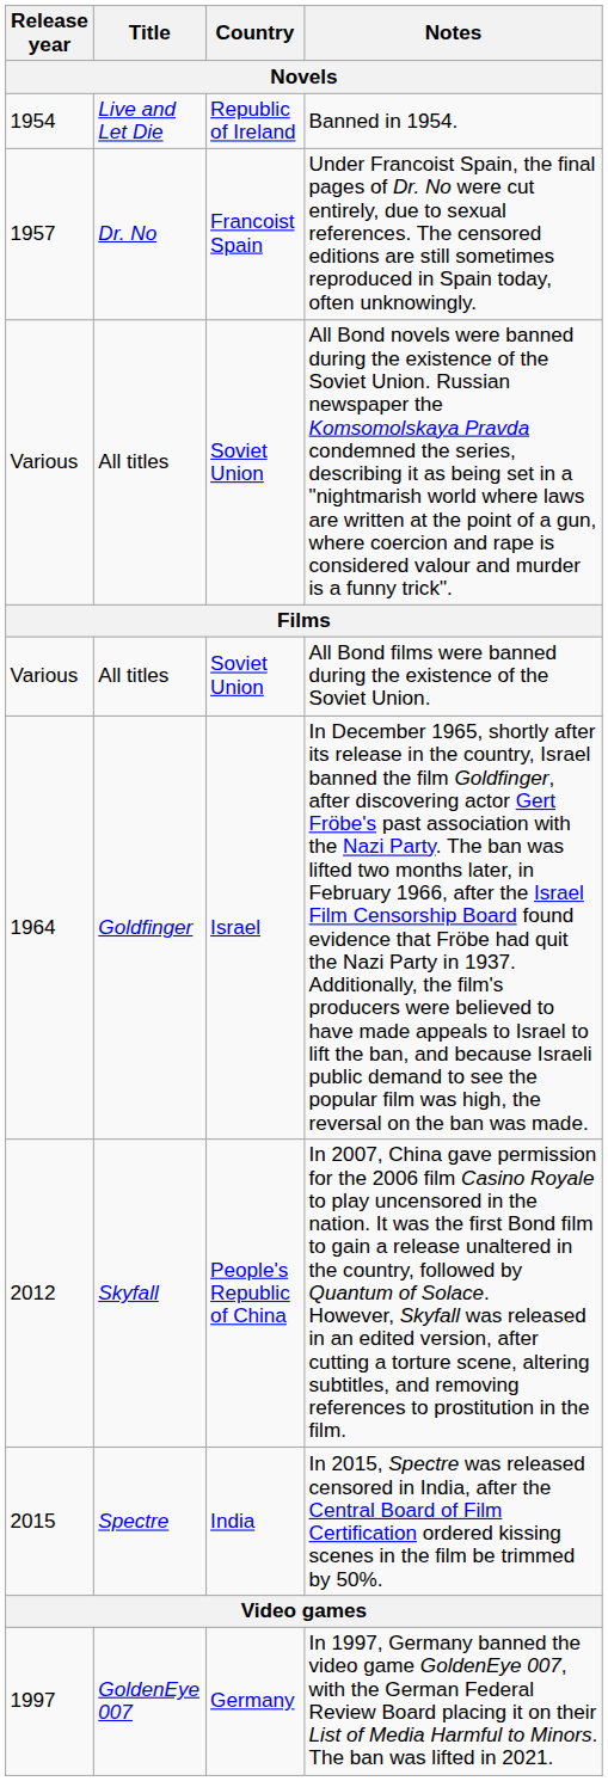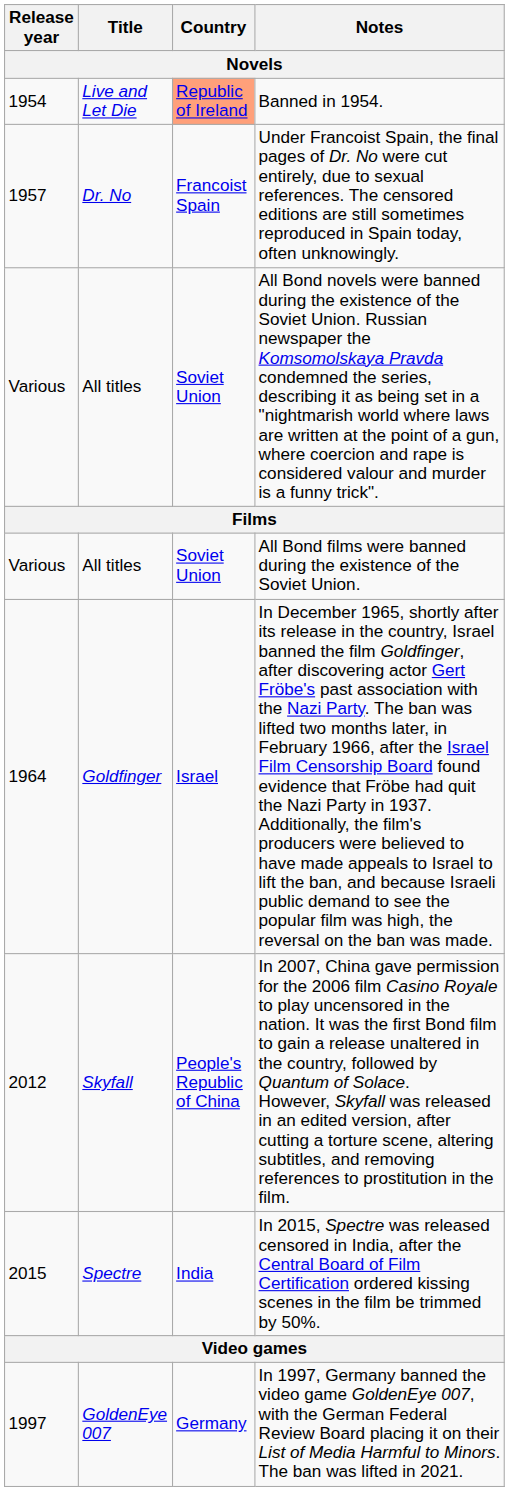 <table width=75% class="wikitable sortable"">
 <tr>
 <th>Release year</th>
 <th>Title</th>
 <th>Country</th>
 <th>Notes</th>
 </tr>
 <tr>
 <th colspan="4">Novels</th>
 </tr>
 <tr>
 <td>1954</td>
 <td><em><a href='#'>Live and Let Die</a></em></td>
-<td><a href='#'>Republic of Ireland</a></td>
+<td style="background: lightsalmon;"><a href='#'>Republic of Ireland</a></td>
 <td>Banned in 1954.</td>
 </tr>
 <tr>
 <td>1957</td>
 <td><em><a href='#'>Dr. No</a></em></td>
 <td><a href='#'>Francoist Spain</a></td>
 <td>Under Francoist Spain, the final pages of <em>Dr. No</em> were cut entirely, due to sexual references. The censored editions are still sometimes reproduced in Spain today, often unknowingly.</td>
 </tr>
 <tr>
 <td>Various</td>
 <td>All titles</td>
 <td><a href='#'>Soviet Union</a></td>
 <td>All Bond novels were banned during the existence of the Soviet Union. Russian newspaper the <em><a href='#'>Komsomolskaya Pravda</a></em> condemned the series, describing it as being set in a "nightmarish world where laws are written at the point of a gun, where coercion and rape is considered valour and murder is a funny trick".</td>
 </tr>
 <tr>
 <th colspan="4">Films</th>
 </tr>
 <tr>
 <td>Various</td>
 <td>All titles</td>
 <td><a href='#'>Soviet Union</a></td>
 <td>All Bond films were banned during the existence of the Soviet Union.</td>
 </tr>
 <tr>
 <td>1964</td>
 <td><em><a href='#'>Goldfinger</a></em></td>
 <td><a href='#'>Israel</a></td>
 <td>In December 1965, shortly after its release in the country, Israel banned the film <em>Goldfinger</em>, after discovering actor <a href='#'>Gert Fröbe's</a> past association with the <a href='#'>Nazi Party</a>. The ban was lifted two months later, in February 1966, after the <a href='#'>Israel Film Censorship Board</a> found evidence that Fröbe had quit the Nazi Party in 1937. Additionally, the film's producers were believed to have made appeals to Israel to lift the ban, and because Israeli public demand to see the popular film was high, the reversal on the ban was made.</td>
 </tr>
 <tr>
 <td>2012</td>
 <td><em><a href='#'>Skyfall</a></em></td>
 <td><a href='#'>People's Republic of China</a></td>
 <td>In 2007, China gave permission for the 2006 film <em>Casino Royale</em> to play uncensored in the nation. It was the first Bond film to gain a release unaltered in the country, followed by <em>Quantum of Solace</em>.<br>However, <em>Skyfall</em> was released in an edited version, after cutting a torture scene, altering subtitles, and removing references to prostitution in the film.</td>
 </tr>
 <tr>
 <td>2015</td>
 <td><em><a href='#'>Spectre</a></em></td>
 <td><a href='#'>India</a></td>
 <td>In 2015, <em>Spectre</em> was released censored in India, after the <a href='#'>Central Board of Film Certification</a> ordered kissing scenes in the film be trimmed by 50%.</td>
 </tr>
 <tr>
 <th colspan="4">Video games</th>
 </tr>
 <tr>
 <td>1997</td>
 <td><em><a href='#'>GoldenEye 007</a></em></td>
 <td><a href='#'>Germany</a></td>
 <td>In 1997, Germany banned the video game <em>GoldenEye 007</em>, with the German Federal Review Board placing it on their <em>List of Media Harmful to Minors</em>. The ban was lifted in 2021.</td>
 </tr>
 </table>
